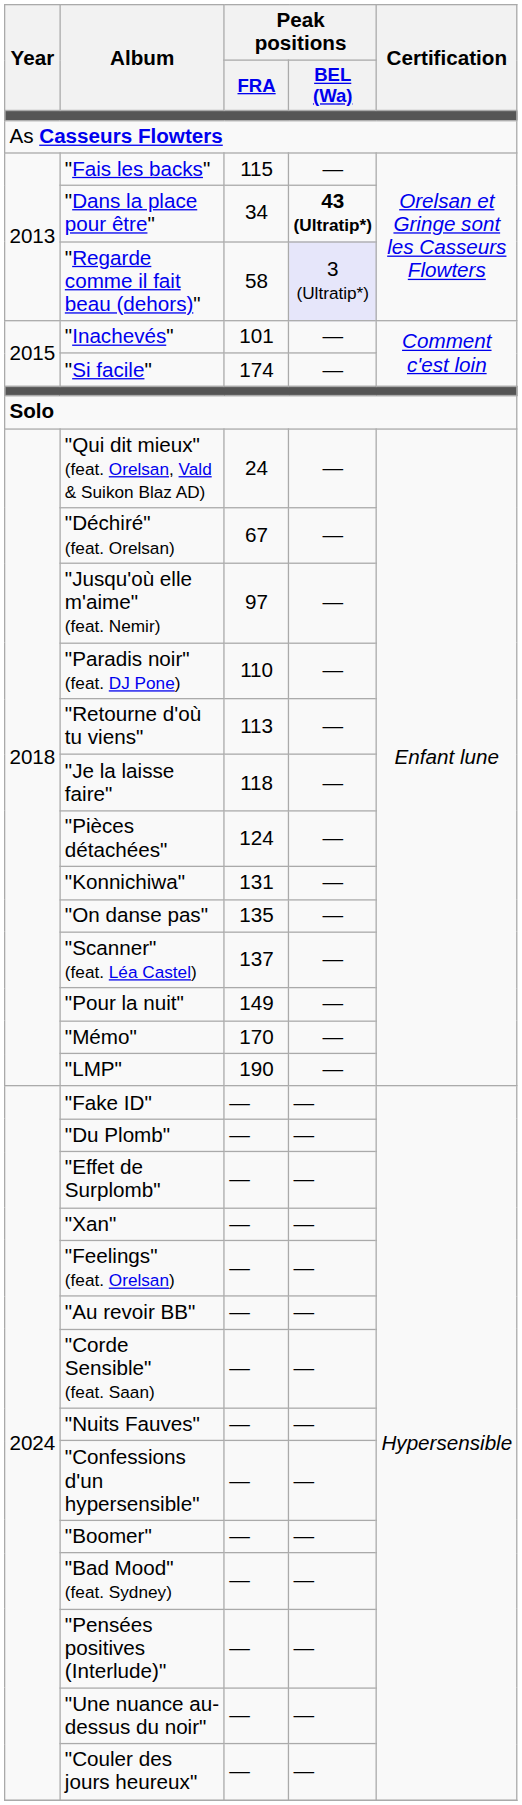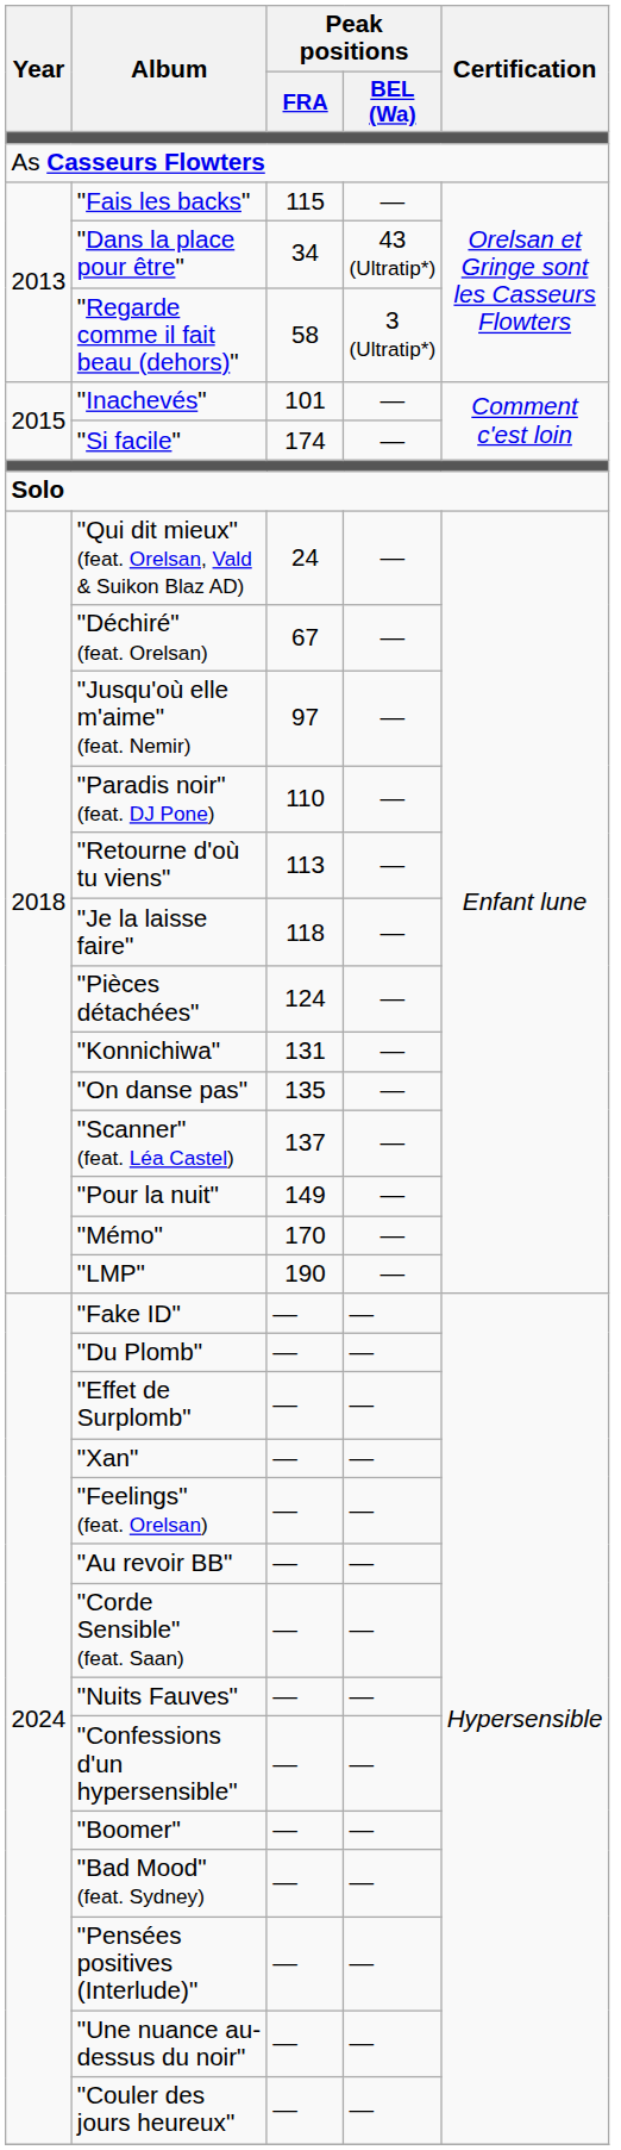 <table class="wikitable">
 <tr>
 <th align="center" rowspan="2" width="10">Year</th>
 <th align="center" rowspan="2" width="120">Album</th>
 <th align="center" colspan="2" width="20">Peak positions</th>
 <th align="center" rowspan="2" width="70">Certification</th>
 </tr>
 <tr>
 <th scope="col" style="width:3em;font-size:90%;"><a href='#'>FRA</a><br></th>
 <th scope="col" style="width:3em;font-size:90%;"><a href='#'>BEL <br>(Wa)</a><br></th>
 </tr>
 <tr>
 <td colspan="5" style="background:#555;"></td>
 </tr>
 <tr>
 <td colspan="5">As <strong><a href='#'>Casseurs Flowters</a></strong></td>
 </tr>
 <tr>
 <td style="text-align:center;" rowspan=3>2013</td>
 <td>"<a href='#'>Fais les backs</a>"</td>
 <td style="text-align:center;">115</td>
 <td style="text-align:center;">—</td>
 <td style="text-align:center;" rowspan=3><em><a href='#'>Orelsan et Gringe sont les Casseurs Flowters</a></em></td>
 </tr>
 <tr>
 <td>"<a href='#'>Dans la place pour être</a>"</td>
 <td style="text-align:center;">34</td>
-<td style="text-align:center;"><strong>43<br><small>(Ultratip*)</small></strong></td>
+<td style="text-align:center;">43<br><small>(Ultratip*)</small></td>
 </tr>
 <tr>
 <td>"<a href='#'>Regarde comme il fait beau (dehors)</a>"</td>
 <td style="text-align:center;">58</td>
-<td style="background: lavender; text-align:center;">3<br><small>(Ultratip*)</small></td>
+<td style="text-align:center;">3<br><small>(Ultratip*)</small></td>
 </tr>
 <tr>
 <td style="text-align:center;" rowspan=2>2015</td>
 <td>"<a href='#'>Inachevés</a>"</td>
 <td style="text-align:center;">101</td>
 <td style="text-align:center;">—</td>
 <td style="text-align:center;" rowspan=2><em><a href='#'>Comment c'est loin</a></em></td>
 </tr>
 <tr>
 <td>"<a href='#'>Si facile</a>"</td>
 <td style="text-align:center;">174</td>
 <td style="text-align:center;">—</td>
 </tr>
 <tr>
 <td colspan="5" style="background:#555;"></td>
 </tr>
 <tr>
 <td colspan="5"><strong>Solo</strong></td>
 </tr>
 <tr>
 <td style="text-align:center;" rowspan=13>2018</td>
 <td>"Qui dit mieux" <br><small>(feat. <a href='#'>Orelsan</a>, <a href='#'>Vald</a> & Suikon Blaz AD)</small></td>
 <td style="text-align:center;">24</td>
 <td style="text-align:center;">—</td>
 <td style="text-align:center;" rowspan=13><em>Enfant lune</em></td>
 </tr>
 <tr>
 <td>"Déchiré" <br><small>(feat. Orelsan)</small></td>
 <td style="text-align:center;">67</td>
 <td style="text-align:center;">—</td>
 </tr>
 <tr>
 <td>"Jusqu'où elle m'aime" <br><small>(feat. Nemir)</small></td>
 <td style="text-align:center;">97</td>
 <td style="text-align:center;">—</td>
 </tr>
 <tr>
 <td>"Paradis noir" <br><small>(feat. <a href='#'>DJ Pone</a>)</small></td>
 <td style="text-align:center;">110</td>
 <td style="text-align:center;">—</td>
 </tr>
 <tr>
 <td>"Retourne d'où tu viens"</td>
 <td style="text-align:center;">113</td>
 <td style="text-align:center;">—</td>
 </tr>
 <tr>
 <td>"Je la laisse faire"</td>
 <td style="text-align:center;">118</td>
 <td style="text-align:center;">—</td>
 </tr>
 <tr>
 <td>"Pièces détachées"</td>
 <td style="text-align:center;">124</td>
 <td style="text-align:center;">—</td>
 </tr>
 <tr>
 <td>"Konnichiwa"</td>
 <td style="text-align:center;">131</td>
 <td style="text-align:center;">—</td>
 </tr>
 <tr>
 <td>"On danse pas"</td>
 <td style="text-align:center;">135</td>
 <td style="text-align:center;">—</td>
 </tr>
 <tr>
 <td>"Scanner" <br><small>(feat. <a href='#'>Léa Castel</a>)</small></td>
 <td style="text-align:center;">137</td>
 <td style="text-align:center;">—</td>
 </tr>
 <tr>
 <td>"Pour la nuit"</td>
 <td style="text-align:center;">149</td>
 <td style="text-align:center;">—</td>
 </tr>
 <tr>
 <td>"Mémo"</td>
 <td style="text-align:center;">170</td>
 <td style="text-align:center;">—</td>
 </tr>
 <tr>
 <td>"LMP"</td>
 <td style="text-align:center;">190</td>
 <td style="text-align:center;">—</td>
 </tr>
 <tr>
 <td rowspan="14">2024</td>
 <td>"Fake ID"</td>
 <td>—</td>
 <td>—</td>
 <td rowspan="14"><em>Hypersensible</em></td>
 </tr>
 <tr>
 <td>"Du Plomb"</td>
 <td>—</td>
 <td>—</td>
 </tr>
 <tr>
 <td>"Effet de Surplomb"</td>
 <td>—</td>
 <td>—</td>
 </tr>
 <tr>
 <td>"Xan"</td>
 <td>—</td>
 <td>—</td>
 </tr>
 <tr>
 <td>"Feelings" <br><small>(feat. <a href='#'>Orelsan</a>)</small></td>
 <td>—</td>
 <td>—</td>
 </tr>
 <tr>
 <td>"Au revoir BB"</td>
 <td>—</td>
 <td>—</td>
 </tr>
 <tr>
 <td>"Corde Sensible"<br><small>(feat. Saan)</small></td>
 <td>—</td>
 <td>—</td>
 </tr>
 <tr>
 <td>"Nuits Fauves"</td>
 <td>—</td>
 <td>—</td>
 </tr>
 <tr>
 <td>"Confessions d'un hypersensible"</td>
 <td>—</td>
 <td>—</td>
 </tr>
 <tr>
 <td>"Boomer"</td>
 <td>—</td>
 <td>—</td>
 </tr>
 <tr>
 <td>"Bad Mood"<br><small>(feat. Sydney)</small></td>
 <td>—</td>
 <td>—</td>
 </tr>
 <tr>
 <td>"Pensées positives (Interlude)"</td>
 <td>—</td>
 <td>—</td>
 </tr>
 <tr>
 <td>"Une nuance au-dessus du noir"</td>
 <td>—</td>
 <td>—</td>
 </tr>
 <tr>
 <td>"Couler des jours heureux"</td>
 <td>—</td>
 <td>—</td>
 </tr>
 <tr>
 </tr>
 </table>
